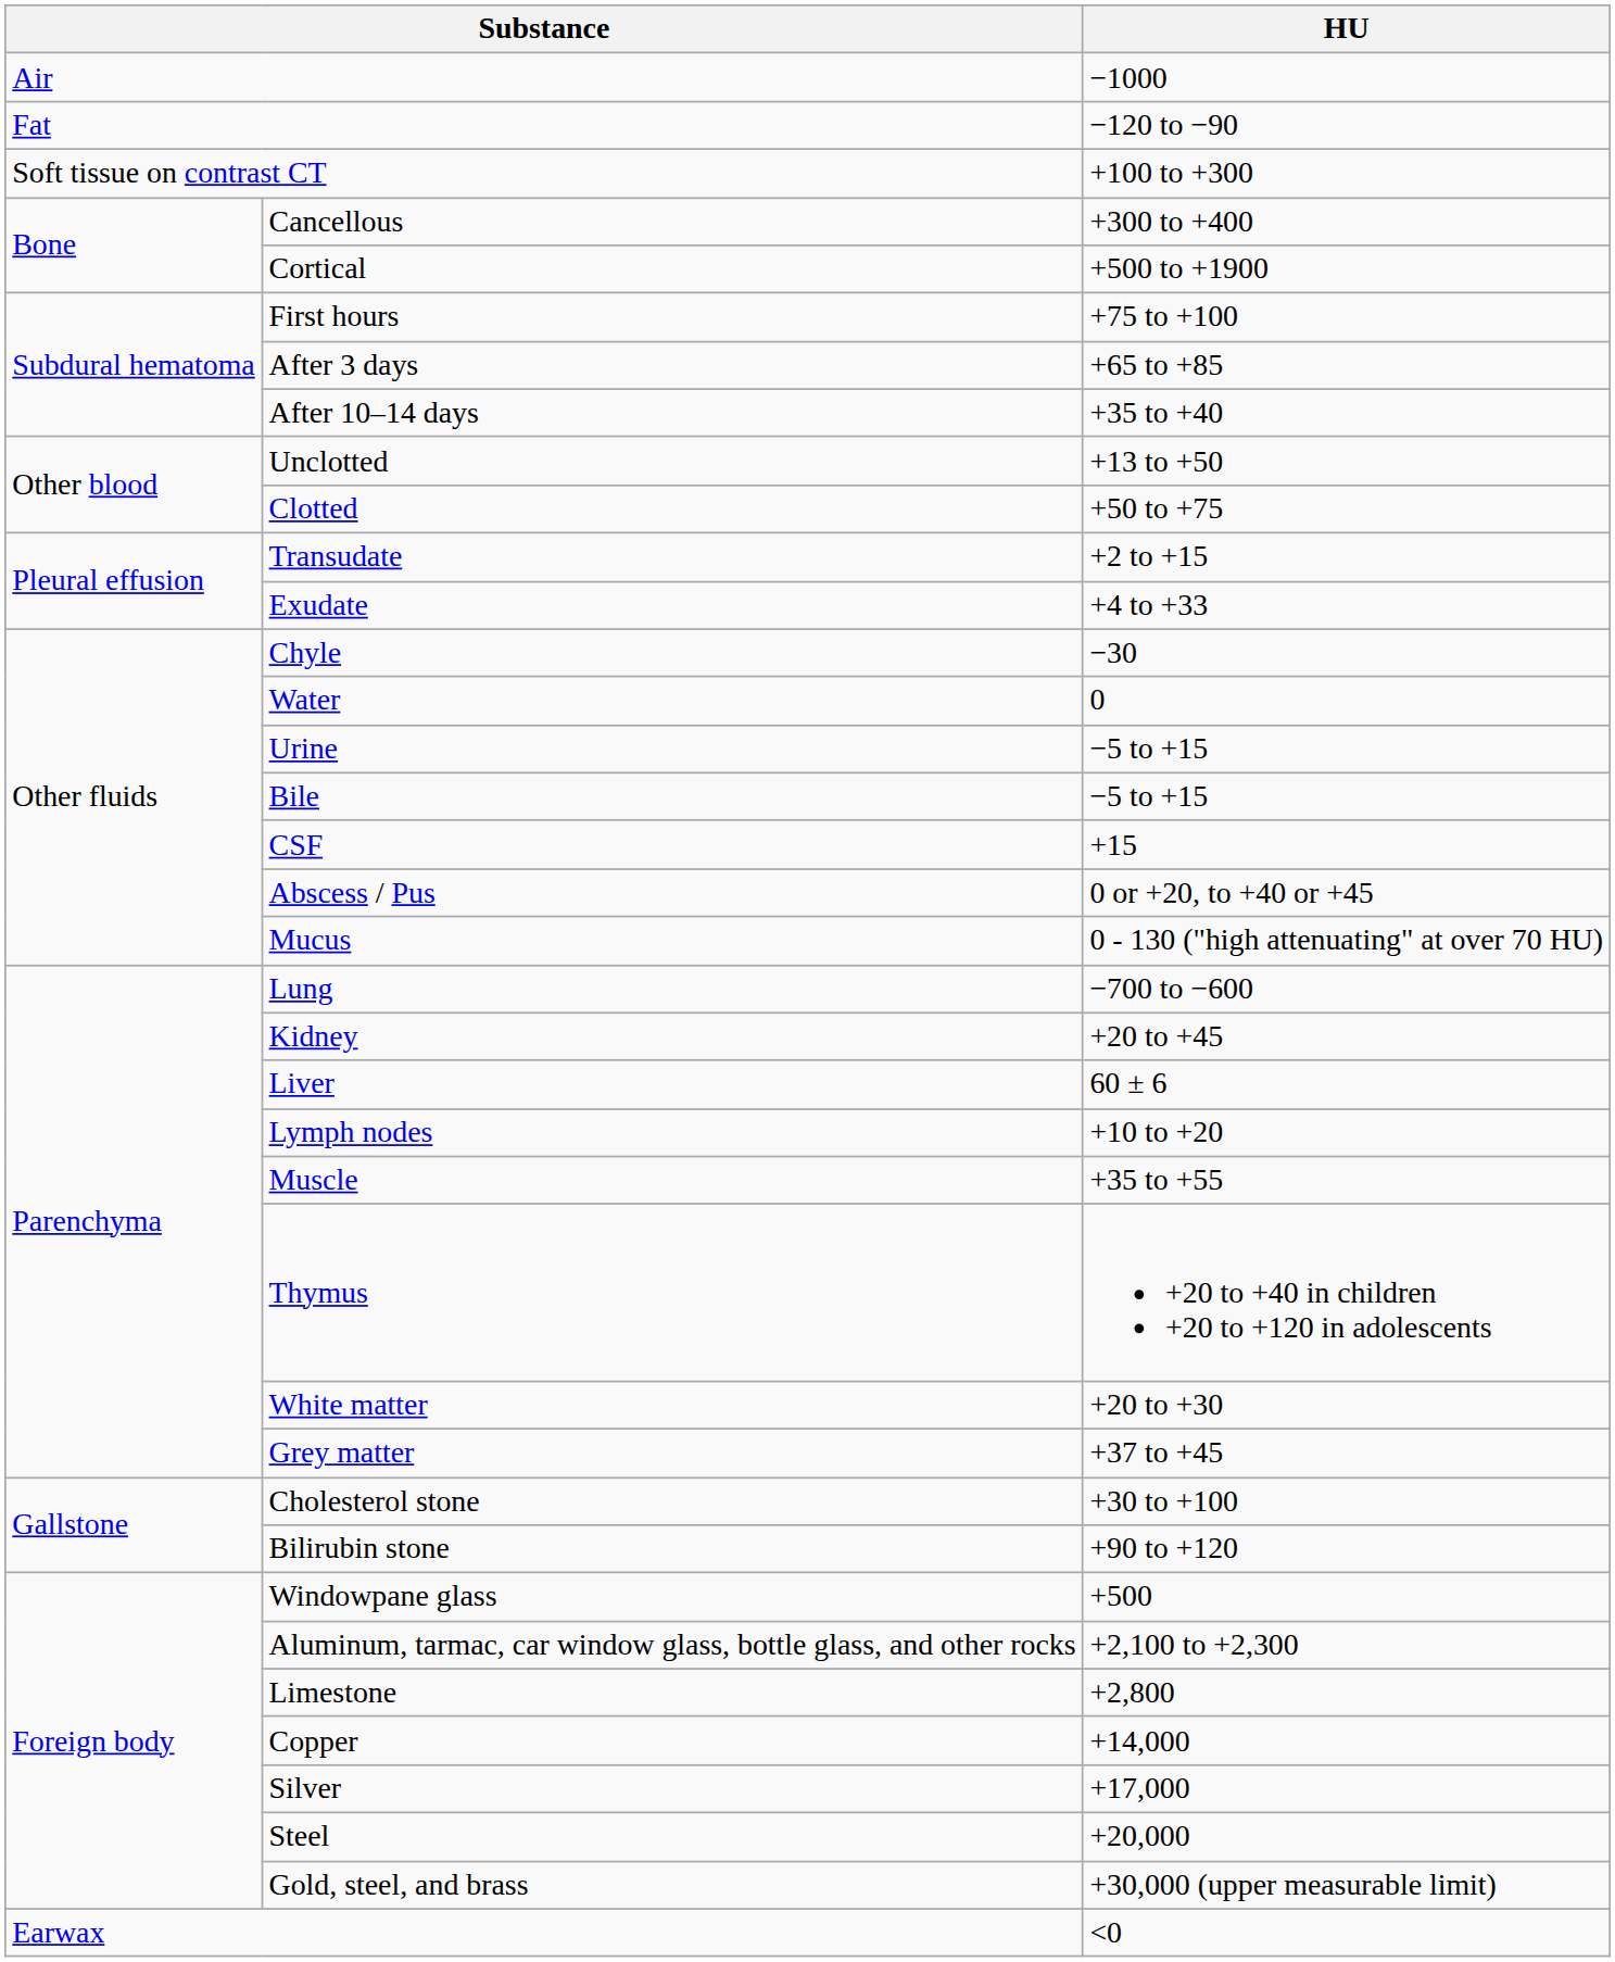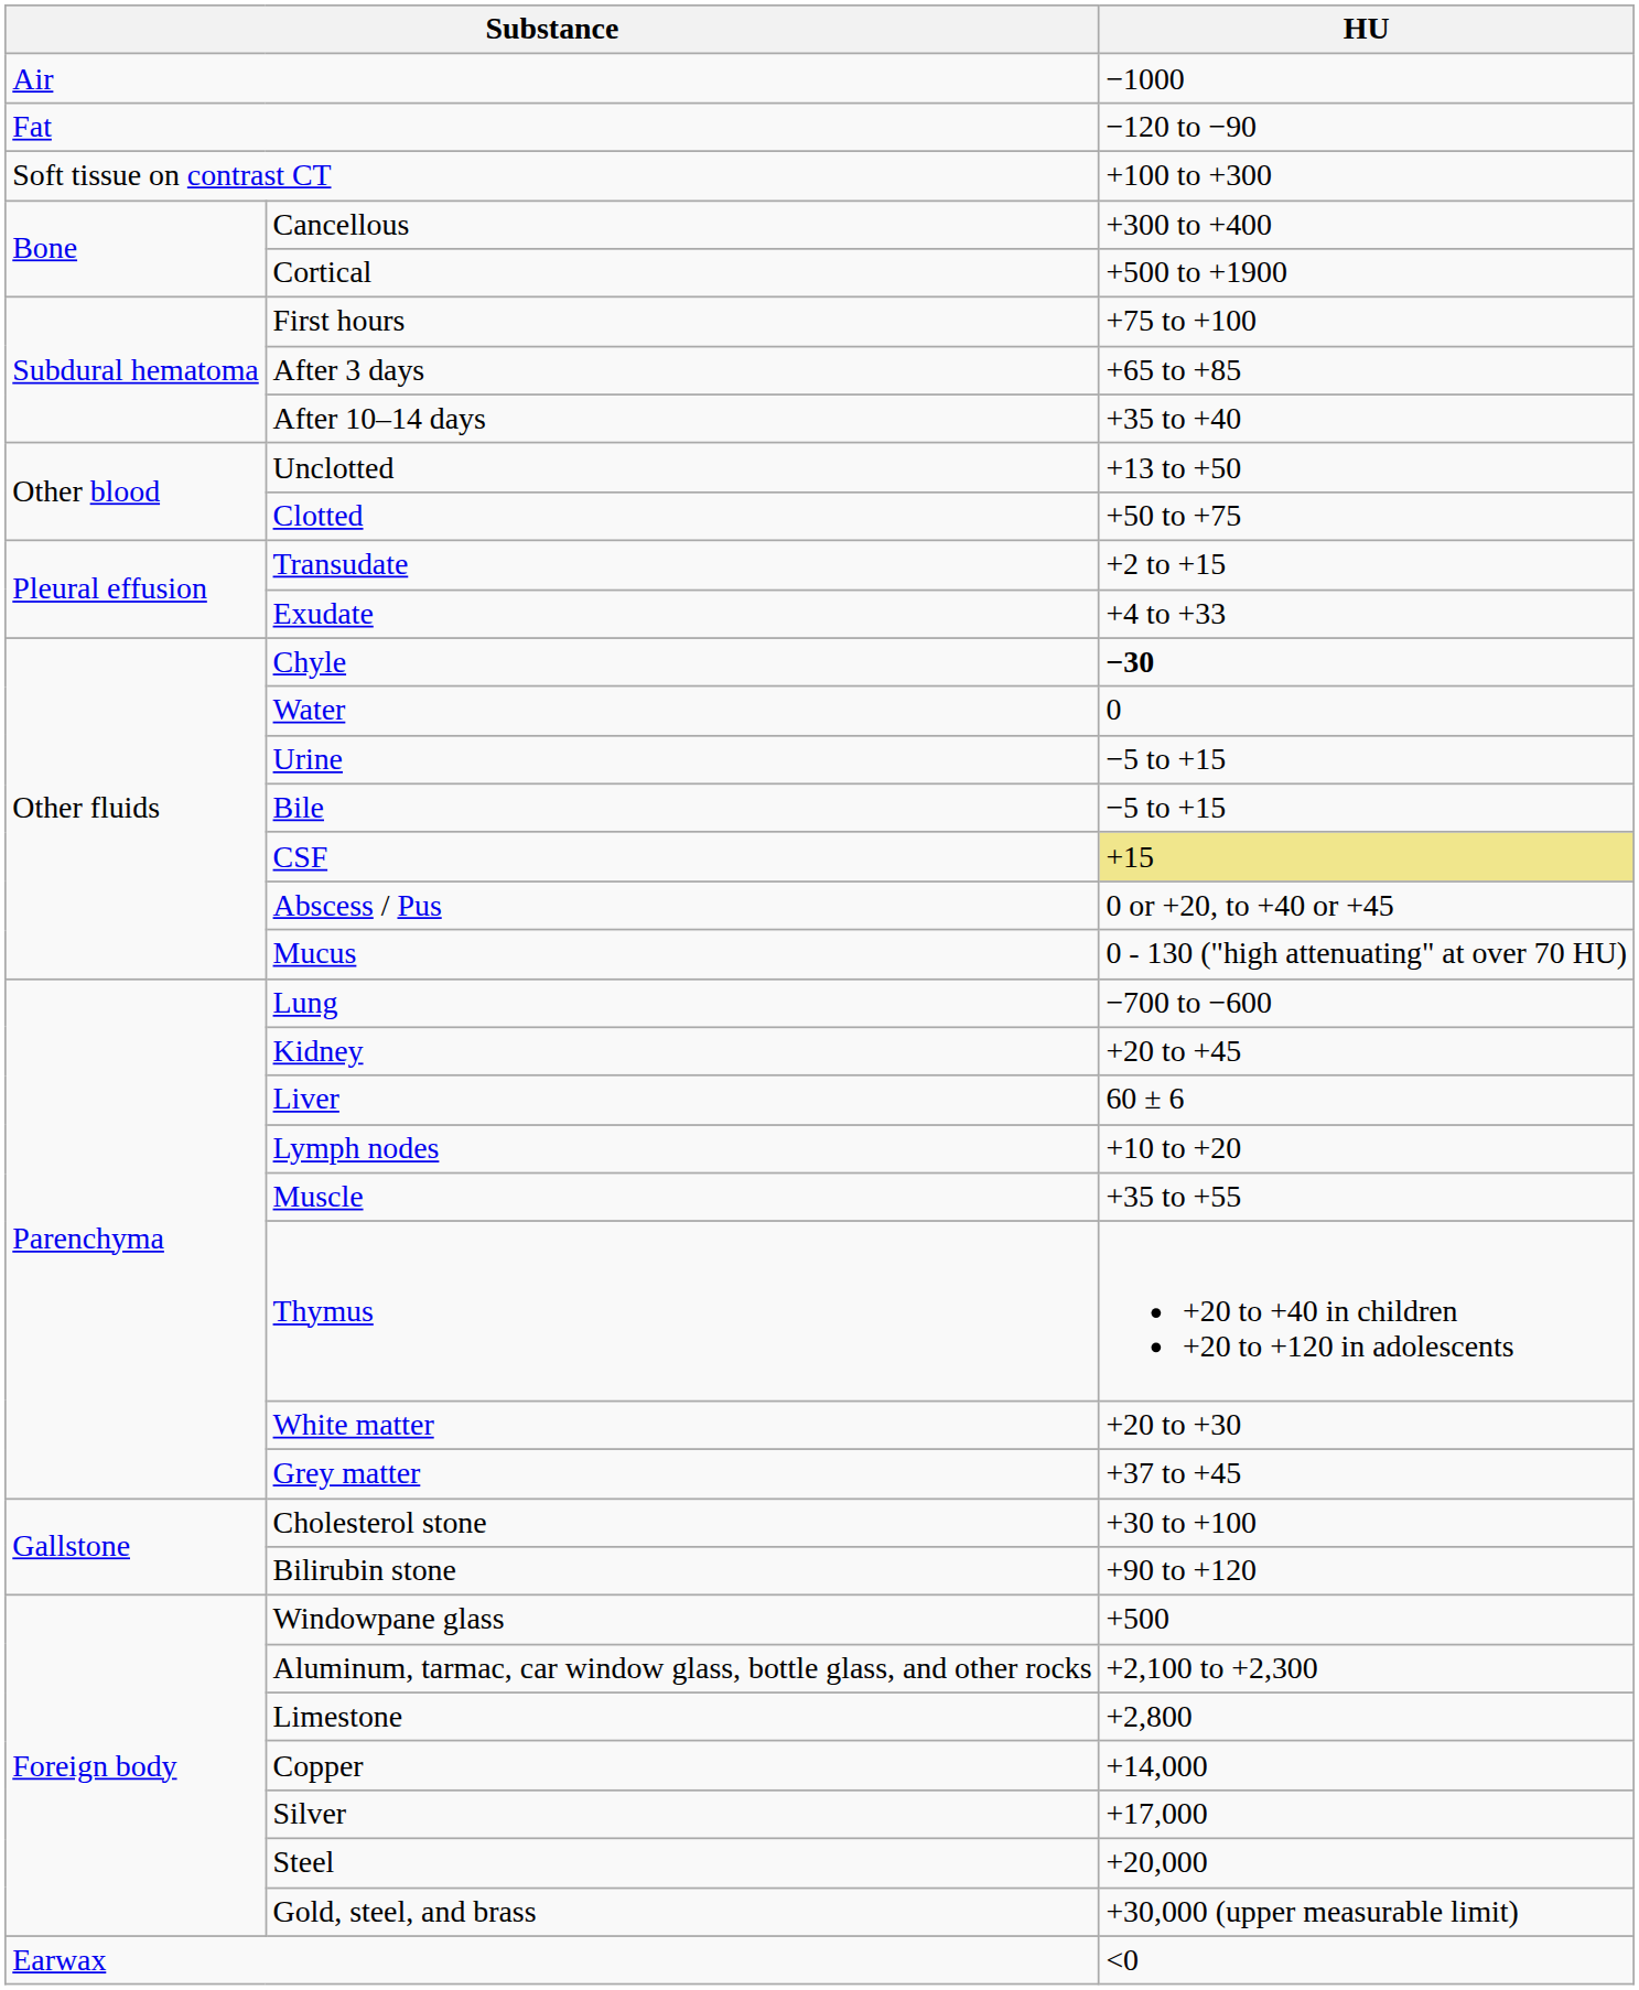 <table class="wikitable">
 <tr>
 <th colspan="2">Substance</th>
 <th>HU</th>
 </tr>
 <tr>
 <td colspan="2"><a href='#'>Air</a></td>
 <td>−1000</td>
 </tr>
 <tr>
 <td colspan="2"><a href='#'>Fat</a></td>
 <td>−120 to −90</td>
 </tr>
 <tr>
 <td colspan="2">Soft tissue on <a href='#'>contrast CT</a></td>
 <td>+100 to +300</td>
 </tr>
 <tr>
 <td rowspan="2"><a href='#'>Bone</a></td>
 <td>Cancellous</td>
 <td>+300 to +400</td>
 </tr>
 <tr>
 <td>Cortical</td>
 <td>+500 to +1900</td>
 </tr>
 <tr>
 <td rowspan="3"><a href='#'>Subdural hematoma</a></td>
 <td>First hours</td>
 <td>+75 to +100</td>
 </tr>
 <tr>
 <td>After 3 days</td>
 <td>+65 to +85</td>
 </tr>
 <tr>
 <td>After 10–14 days</td>
 <td>+35 to +40</td>
 </tr>
 <tr>
 <td rowspan="2">Other <a href='#'>blood</a></td>
 <td>Unclotted</td>
 <td>+13 to +50</td>
 </tr>
 <tr>
 <td><a href='#'>Clotted</a></td>
 <td>+50 to +75</td>
 </tr>
 <tr>
 <td rowspan="2"><a href='#'>Pleural effusion</a></td>
 <td><a href='#'>Transudate</a></td>
 <td>+2 to +15 </td>
 </tr>
 <tr>
 <td><a href='#'>Exudate</a></td>
 <td>+4 to +33</td>
 </tr>
 <tr>
 <td rowspan="7">Other fluids</td>
 <td><a href='#'>Chyle</a></td>
-<td>−30</td>
+<td><strong>−30</strong></td>
 </tr>
 <tr>
 <td><a href='#'>Water</a></td>
 <td>0</td>
 </tr>
 <tr>
 <td><a href='#'>Urine</a></td>
 <td>−5 to +15</td>
 </tr>
 <tr>
 <td><a href='#'>Bile</a></td>
 <td>−5 to +15</td>
 </tr>
 <tr>
 <td><a href='#'>CSF</a></td>
-<td>+15</td>
+<td style="background: khaki;">+15</td>
 </tr>
 <tr>
 <td><a href='#'>Abscess</a> / <a href='#'>Pus</a></td>
 <td>0 or +20, to +40 or +45</td>
 </tr>
 <tr>
 <td><a href='#'>Mucus</a></td>
 <td>0 - 130 ("high attenuating" at over 70 HU)</td>
 </tr>
 <tr>
 <td rowspan="8"><a href='#'>Parenchyma</a></td>
 <td><a href='#'>Lung</a></td>
 <td>−700 to −600</td>
 </tr>
 <tr>
 <td><a href='#'>Kidney</a></td>
 <td>+20 to +45</td>
 </tr>
 <tr>
 <td><a href='#'>Liver</a></td>
 <td>60 ± 6</td>
 </tr>
 <tr>
 <td><a href='#'>Lymph nodes</a></td>
 <td>+10 to +20</td>
 </tr>
 <tr>
 <td><a href='#'>Muscle</a></td>
 <td>+35 to +55</td>
 </tr>
 <tr>
 <td><a href='#'>Thymus</a></td>
 <td><br><ul><li>+20 to +40 in children</li><li>+20 to +120 in adolescents</li></ul></td>
 </tr>
 <tr>
 <td><a href='#'>White matter</a></td>
 <td>+20 to +30</td>
 </tr>
 <tr>
 <td><a href='#'>Grey matter</a></td>
 <td>+37 to +45</td>
 </tr>
 <tr>
 <td rowspan="2"><a href='#'>Gallstone</a></td>
 <td>Cholesterol stone</td>
 <td>+30 to +100</td>
 </tr>
 <tr>
 <td>Bilirubin stone</td>
 <td>+90 to +120</td>
 </tr>
 <tr>
 <td rowspan="7"><a href='#'>Foreign body</a></td>
 <td>Windowpane glass</td>
 <td>+500</td>
 </tr>
 <tr>
 <td>Aluminum, tarmac, car window glass, bottle glass, and other rocks</td>
 <td>+2,100 to +2,300</td>
 </tr>
 <tr>
 <td>Limestone</td>
 <td>+2,800</td>
 </tr>
 <tr>
 <td>Copper</td>
 <td>+14,000</td>
 </tr>
 <tr>
 <td>Silver</td>
 <td>+17,000</td>
 </tr>
 <tr>
 <td>Steel</td>
 <td>+20,000</td>
 </tr>
 <tr>
 <td>Gold, steel, and brass</td>
 <td>+30,000 (upper measurable limit)</td>
 </tr>
 <tr>
 <td colspan="2"><a href='#'>Earwax</a></td>
 <td><0</td>
 </tr>
 </table>
